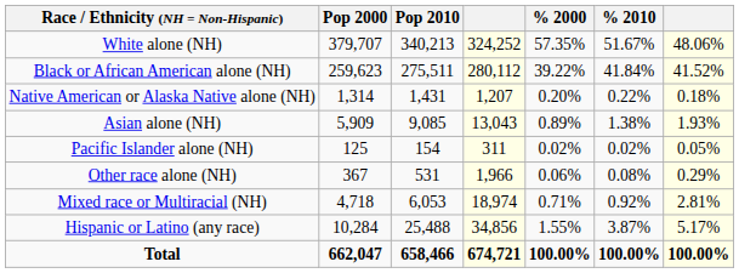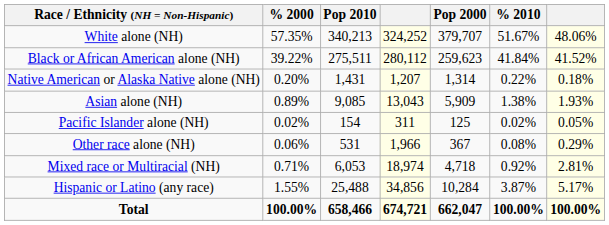 <table class="wikitable" style="text-align:center;">
 <tr>
 <th>Race / Ethnicity <small>(<em>NH = Non-Hispanic</em>)</small></th>
-<th>Pop 2000</th>
+<th>% 2000</th>
 <th>Pop 2010</th>
 <th></th>
-<th>% 2000</th>
+<th>Pop 2000</th>
 <th>% 2010</th>
 <th></th>
 </tr>
 <tr>
 <td><a href='#'>White</a> alone (NH)</td>
-<td>379,707</td>
+<td>57.35%</td>
 <td>340,213</td>
 <td style='background: #ffffe6;'>324,252</td>
-<td>57.35%</td>
+<td>379,707</td>
 <td>51.67%</td>
 <td style='background: #ffffe6;'>48.06%</td>
 </tr>
 <tr>
 <td><a href='#'>Black or African American</a> alone (NH)</td>
-<td>259,623</td>
+<td>39.22%</td>
 <td>275,511</td>
 <td style='background: #ffffe6;'>280,112</td>
-<td>39.22%</td>
+<td>259,623</td>
 <td>41.84%</td>
 <td style='background: #ffffe6;'>41.52%</td>
 </tr>
 <tr>
 <td><a href='#'>Native American</a> or <a href='#'>Alaska Native</a> alone (NH)</td>
-<td>1,314</td>
+<td>0.20%</td>
 <td>1,431</td>
 <td style='background: #ffffe6;'>1,207</td>
-<td>0.20%</td>
+<td>1,314</td>
 <td>0.22%</td>
 <td style='background: #ffffe6;'>0.18%</td>
 </tr>
 <tr>
 <td><a href='#'>Asian</a> alone (NH)</td>
-<td>5,909</td>
+<td>0.89%</td>
 <td>9,085</td>
 <td style='background: #ffffe6;'>13,043</td>
-<td>0.89%</td>
+<td>5,909</td>
 <td>1.38%</td>
 <td style='background: #ffffe6;'>1.93%</td>
 </tr>
 <tr>
 <td><a href='#'>Pacific Islander</a> alone (NH)</td>
-<td>125</td>
+<td>0.02%</td>
 <td>154</td>
 <td style='background: #ffffe6;'>311</td>
-<td>0.02%</td>
+<td>125</td>
 <td>0.02%</td>
 <td style='background: #ffffe6;'>0.05%</td>
 </tr>
 <tr>
 <td><a href='#'>Other race</a> alone (NH)</td>
-<td>367</td>
+<td>0.06%</td>
 <td>531</td>
 <td style='background: #ffffe6;'>1,966</td>
-<td>0.06%</td>
+<td>367</td>
 <td>0.08%</td>
 <td style='background: #ffffe6;'>0.29%</td>
 </tr>
 <tr>
 <td><a href='#'>Mixed race or Multiracial</a> (NH)</td>
-<td>4,718</td>
+<td>0.71%</td>
 <td>6,053</td>
 <td style='background: #ffffe6;'>18,974</td>
-<td>0.71%</td>
+<td>4,718</td>
 <td>0.92%</td>
 <td style='background: #ffffe6;'>2.81%</td>
 </tr>
 <tr>
 <td><a href='#'>Hispanic or Latino</a> (any race)</td>
-<td>10,284</td>
+<td>1.55%</td>
 <td>25,488</td>
 <td style='background: #ffffe6;'>34,856</td>
-<td>1.55%</td>
+<td>10,284</td>
 <td>3.87%</td>
 <td style='background: #ffffe6;'>5.17%</td>
 </tr>
 <tr>
 <td><strong>Total</strong></td>
-<td><strong>662,047</strong></td>
+<td><strong>100.00%</strong></td>
 <td><strong>658,466</strong></td>
 <td style='background: #ffffe6;'><strong>674,721</strong></td>
-<td><strong>100.00%</strong></td>
+<td><strong>662,047</strong></td>
 <td><strong>100.00%</strong></td>
 <td style='background: #ffffe6;'><strong>100.00%</strong></td>
 </tr>
 </table>
